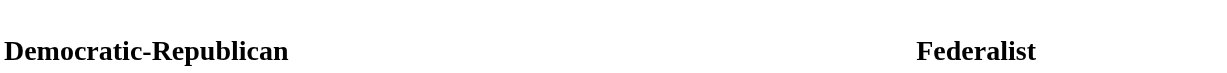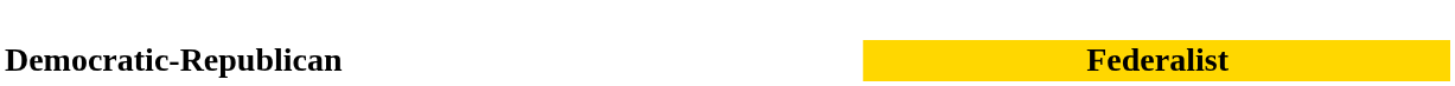 <table style="width:60%; text-align:center">
 <tr style="color:white">
 <td style="background:"><strong>144</strong></td>
 <td style="background:"><strong>40</strong></td>
 </tr>
 <tr>
 <td><span><strong>Democratic-Republican</strong></span></td>
-<td><span><strong>Federalist</strong></span></td>
+<td style="background: gold;"><span><strong>Federalist</strong></span></td>
 </tr>
 </table>
